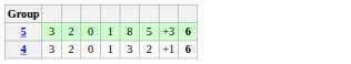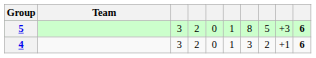 <table class=wikitable style="text-align:center">
 <tr>
 <th width=40>Group</th>
+<th width=200>Team</th>
 <th width="20"></th>
 <th width="20"></th>
 <th width="20"></th>
 <th width="20"></th>
 <th width="20"></th>
 <th width="20"></th>
 <th width="20"></th>
 <th width="20"></th>
 </tr>
 <tr bgcolor=ccffcc>
 <th><a href='#'>5</a></th>
+<td align="left"></td>
 <td>3</td>
 <td>2</td>
 <td>0</td>
 <td>1</td>
 <td>8</td>
 <td>5</td>
 <td>+3</td>
 <td><strong>6</strong></td>
 </tr>
 <tr>
 <th><a href='#'>4</a></th>
+<td align="left"></td>
 <td>3</td>
 <td>2</td>
 <td>0</td>
 <td>1</td>
 <td>3</td>
 <td>2</td>
 <td>+1</td>
 <td><strong>6</strong></td>
 </tr>
 </table>
